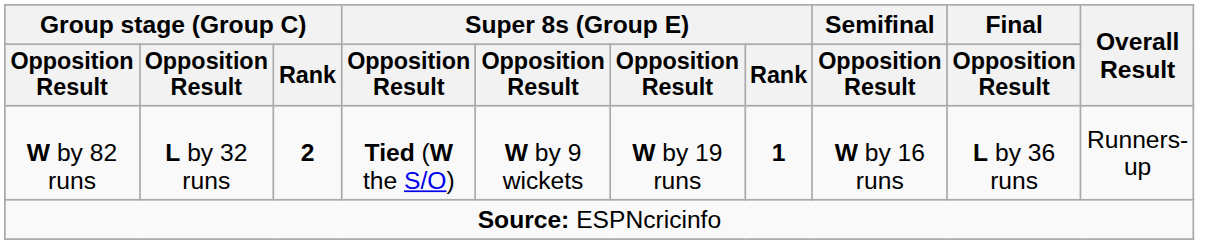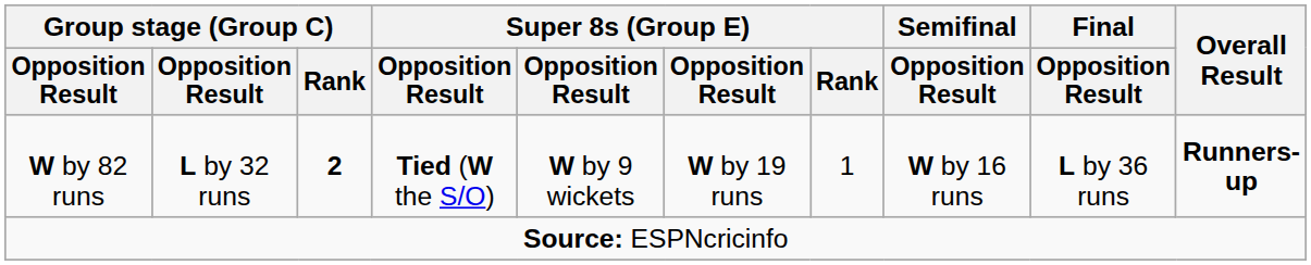 <table class=wikitable style=font-size:90%;text-align:center>
 <tr>
 <th colspan=3>Group stage (Group C)</th>
 <th colspan=4>Super 8s (Group E)</th>
 <th>Semifinal</th>
 <th>Final</th>
 <th rowspan=2>Overall Result</th>
 </tr>
 <tr style=font-size:95%>
 <th>Opposition<br>Result</th>
 <th>Opposition<br>Result</th>
 <th>Rank</th>
 <th>Opposition<br>Result</th>
 <th>Opposition<br>Result</th>
 <th>Opposition<br>Result</th>
 <th>Rank</th>
 <th>Opposition<br>Result</th>
 <th>Opposition<br>Result</th>
 </tr>
 <tr>
 <td><br><strong>W</strong> by 82 runs</td>
 <td><br><strong>L</strong> by 32 runs</td>
 <td><strong>2</strong></td>
 <td><br><strong>Tied</strong> (<strong>W</strong> the <a href='#'>S/O</a>)</td>
 <td><br><strong>W</strong> by 9 wickets</td>
 <td><br><strong>W</strong> by 19 runs</td>
-<td><strong>1</strong></td>
+<td>1</td>
 <td><br><strong>W</strong> by 16 runs</td>
 <td><br><strong>L</strong> by 36 runs</td>
-<td>Runners-up</td>
+<td><strong>Runners-up</strong></td>
 </tr>
 <tr>
 <td colspan="11"><strong>Source:</strong> ESPNcricinfo</td>
 </tr>
 </table>
